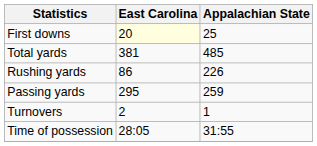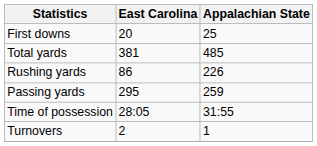 <table class="wikitable">
 <tr>
 <th>Statistics</th>
 <th>East Carolina</th>
 <th>Appalachian State</th>
 </tr>
 <tr>
 <td>First downs</td>
-<td style="background: lightyellow;">20</td>
+<td>20</td>
 <td>25</td>
 </tr>
 <tr>
 <td>Total yards</td>
 <td>381</td>
 <td>485</td>
 </tr>
 <tr>
 <td>Rushing yards</td>
 <td>86</td>
 <td>226</td>
 </tr>
 <tr>
 <td>Passing yards</td>
 <td>295</td>
 <td>259</td>
 </tr>
 <tr>
+<td>Time of possession</td>
+<td>28:05</td>
+<td>31:55</td>
+</tr>
+<tr>
 <td>Turnovers</td>
 <td>2</td>
 <td>1</td>
 </tr>
 <tr>
-<td>Time of possession</td>
-<td>28:05</td>
-<td>31:55</td>
-</tr>
-<tr>
 </tr>
 </table>
